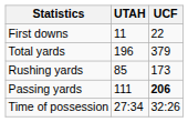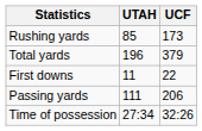 <table class="wikitable" style="float: right;">
 <tr>
 <th>Statistics</th>
 <th>UTAH</th>
 <th>UCF</th>
 </tr>
 <tr>
-<td>First downs</td>
-<td>11</td>
-<td>22</td>
+<td>Rushing yards</td>
+<td>85</td>
+<td>173</td>
 </tr>
 <tr>
 <td>Total yards</td>
 <td>196</td>
 <td>379</td>
 </tr>
 <tr>
-<td>Rushing yards</td>
-<td>85</td>
-<td>173</td>
+<td>First downs</td>
+<td>11</td>
+<td>22</td>
 </tr>
 <tr>
 <td>Passing yards</td>
 <td>111</td>
-<td><strong>206</strong></td>
+<td>206</td>
 </tr>
 <tr>
 <td>Time of possession</td>
 <td>27:34</td>
 <td>32:26</td>
 </tr>
 </table>
